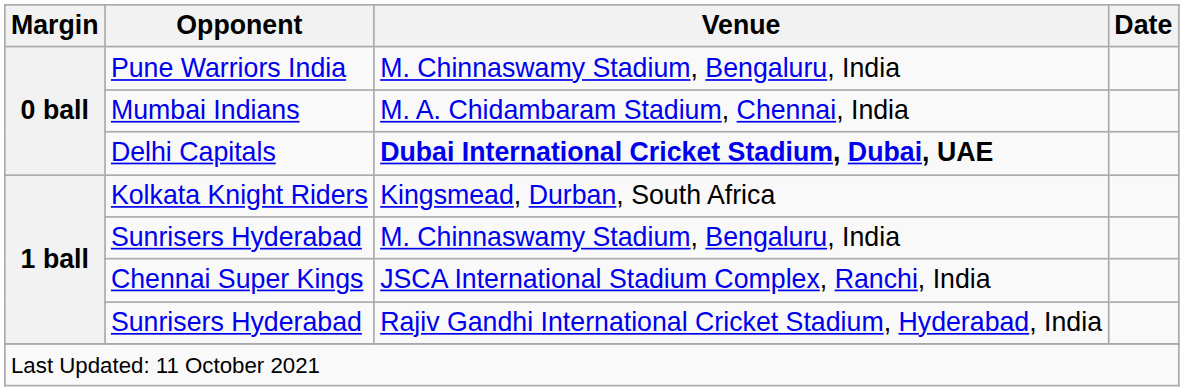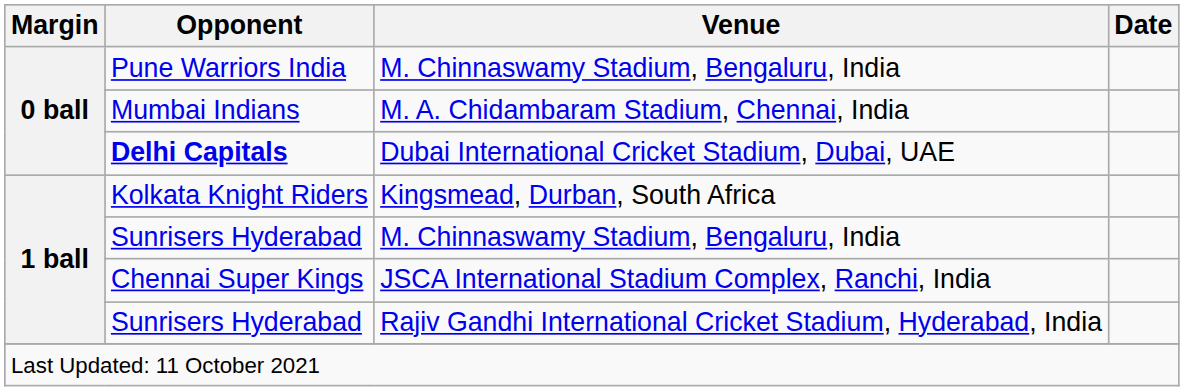 <table class="wikitable">
 <tr>
 <th>Margin</th>
 <th>Opponent</th>
 <th>Venue</th>
 <th>Date</th>
 </tr>
 <tr>
 <th rowspan=3>0 ball</th>
 <td><a href='#'>Pune Warriors India</a></td>
 <td><a href='#'>M. Chinnaswamy Stadium</a>, <a href='#'>Bengaluru</a>, India</td>
 <td></td>
 </tr>
 <tr>
 <td><a href='#'>Mumbai Indians</a></td>
 <td><a href='#'>M. A. Chidambaram Stadium</a>, <a href='#'>Chennai</a>, India</td>
 <td></td>
 </tr>
 <tr>
-<td><a href='#'>Delhi Capitals</a></td>
-<td><strong><a href='#'>Dubai International Cricket Stadium</a>, <a href='#'>Dubai</a>, UAE</strong></td>
+<td><strong><a href='#'>Delhi Capitals</a></strong></td>
+<td><a href='#'>Dubai International Cricket Stadium</a>, <a href='#'>Dubai</a>, UAE</td>
 <td></td>
 </tr>
 <tr>
 <th rowspan=4>1 ball</th>
 <td><a href='#'>Kolkata Knight Riders</a></td>
 <td><a href='#'>Kingsmead</a>, <a href='#'>Durban</a>, South Africa</td>
 <td></td>
 </tr>
 <tr>
 <td><a href='#'>Sunrisers Hyderabad</a></td>
 <td><a href='#'>M. Chinnaswamy Stadium</a>, <a href='#'>Bengaluru</a>, India</td>
 <td></td>
 </tr>
 <tr>
 <td><a href='#'>Chennai Super Kings</a></td>
 <td><a href='#'>JSCA International Stadium Complex</a>, <a href='#'>Ranchi</a>, India</td>
 <td></td>
 </tr>
 <tr>
 <td><a href='#'>Sunrisers Hyderabad</a></td>
 <td><a href='#'>Rajiv Gandhi International Cricket Stadium</a>, <a href='#'>Hyderabad</a>, India</td>
 <td></td>
 </tr>
 <tr>
 </tr>
 <tr class=sortbottom>
 <td colspan=5><small>Last Updated: 11 October 2021</small></td>
 </tr>
 </table>
